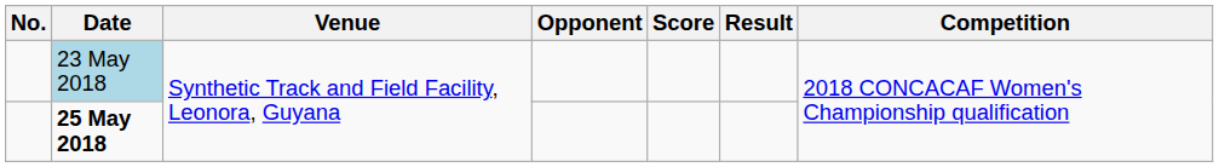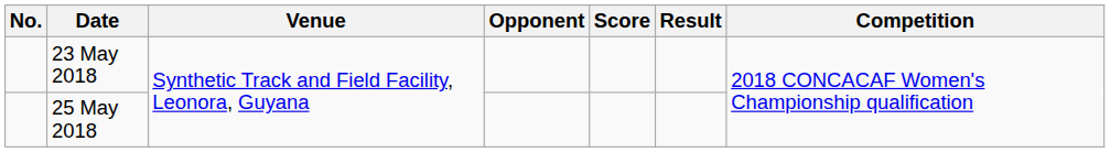 <table class="wikitable">
 <tr>
 <th>No.</th>
 <th>Date</th>
 <th>Venue</th>
 <th>Opponent</th>
 <th>Score</th>
 <th>Result</th>
 <th>Competition</th>
 </tr>
 <tr>
 <td></td>
-<td style="background: lightblue;">23 May 2018</td>
+<td>23 May 2018</td>
 <td rowspan=2><a href='#'>Synthetic Track and Field Facility</a>, <a href='#'>Leonora</a>, <a href='#'>Guyana</a></td>
 <td></td>
 <td></td>
 <td></td>
 <td rowspan=2><a href='#'>2018 CONCACAF Women's Championship qualification</a></td>
 </tr>
 <tr>
 <td></td>
-<td><strong>25 May 2018</strong></td>
+<td>25 May 2018</td>
 <td></td>
 <td></td>
 <td></td>
 </tr>
 </table>
